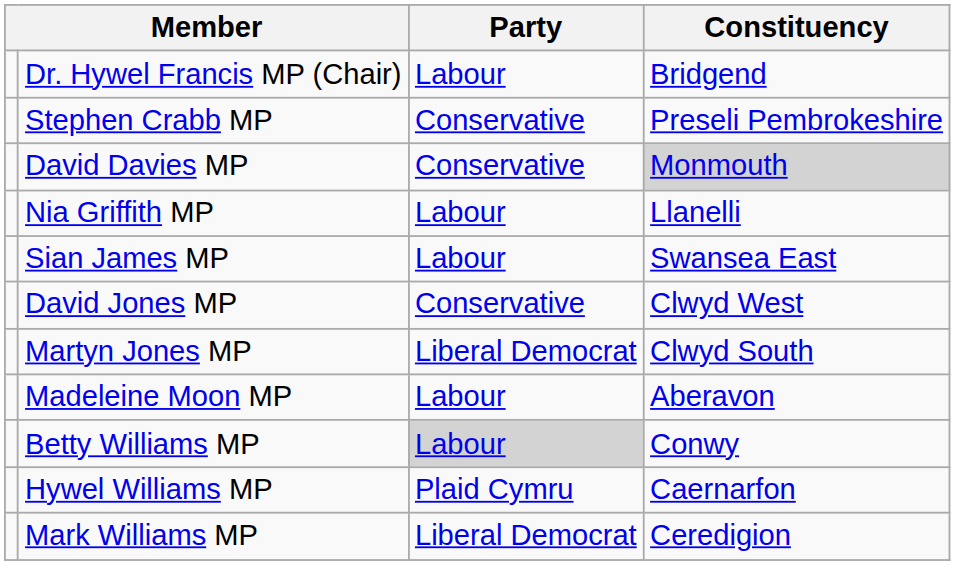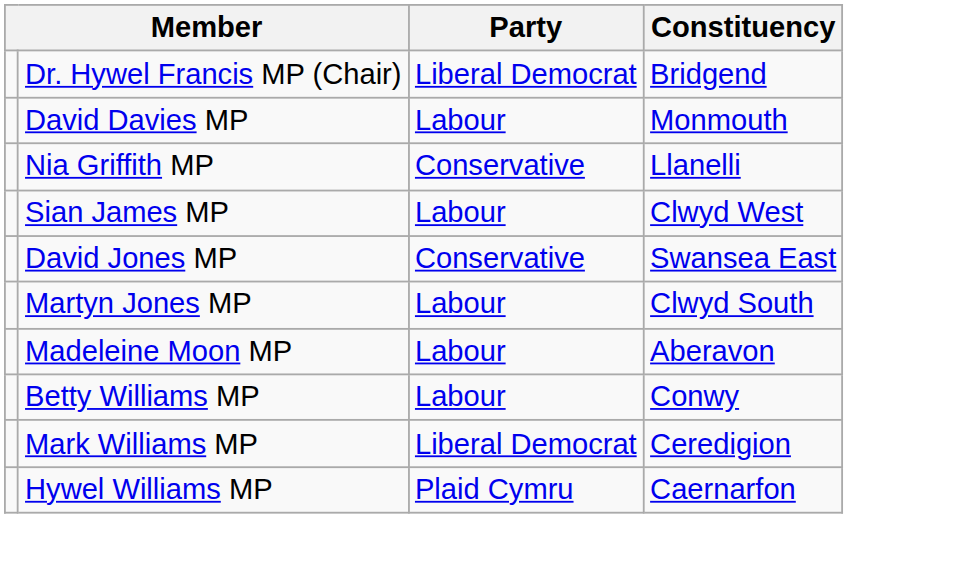 <table class="wikitable">
 <tr>
 <th colspan="2" valign="top">Member</th>
 <th valign="top">Party</th>
 <th valign="top">Constituency</th>
 </tr>
 <tr>
 <td style="color:inherit;background:"></td>
 <td><a href='#'>Dr. Hywel Francis</a> MP (Chair)</td>
-<td><a href='#'>Labour</a></td>
+<td><a href='#'>Liberal Democrat</a></td>
 <td><a href='#'>Bridgend</a></td>
 </tr>
 <tr>
 <td style="color:inherit;background:"></td>
-<td><a href='#'>Stephen Crabb</a> MP</td>
-<td><a href='#'>Conservative</a></td>
-<td><a href='#'>Preseli Pembrokeshire</a></td>
-</tr>
-<tr>
-<td style="color:inherit;background:"></td>
 <td><a href='#'>David Davies</a> MP</td>
-<td><a href='#'>Conservative</a></td>
-<td style="background: lightgrey;"><a href='#'>Monmouth</a></td>
+<td><a href='#'>Labour</a></td>
+<td><a href='#'>Monmouth</a></td>
 </tr>
 <tr>
 <td style="color:inherit;background:"></td>
 <td><a href='#'>Nia Griffith</a> MP</td>
-<td><a href='#'>Labour</a></td>
+<td><a href='#'>Conservative</a></td>
 <td><a href='#'>Llanelli</a></td>
 </tr>
 <tr>
 <td style="color:inherit;background:"></td>
 <td><a href='#'>Sian James</a> MP</td>
 <td><a href='#'>Labour</a></td>
-<td><a href='#'>Swansea East</a></td>
+<td><a href='#'>Clwyd West</a></td>
 </tr>
 <tr>
 <td style="color:inherit;background:"></td>
 <td><a href='#'>David Jones</a> MP</td>
 <td><a href='#'>Conservative</a></td>
-<td><a href='#'>Clwyd West</a></td>
+<td><a href='#'>Swansea East</a></td>
 </tr>
 <tr>
 <td style="color:inherit;background:"></td>
 <td><a href='#'>Martyn Jones</a> MP</td>
-<td><a href='#'>Liberal Democrat</a></td>
+<td><a href='#'>Labour</a></td>
 <td><a href='#'>Clwyd South</a></td>
 </tr>
 <tr>
 <td style="color:inherit;background:"></td>
 <td><a href='#'>Madeleine Moon</a> MP</td>
 <td><a href='#'>Labour</a></td>
 <td><a href='#'>Aberavon</a></td>
 </tr>
 <tr>
 <td style="color:inherit;background:"></td>
 <td><a href='#'>Betty Williams</a> MP</td>
-<td style="background: lightgrey;"><a href='#'>Labour</a></td>
+<td><a href='#'>Labour</a></td>
 <td><a href='#'>Conwy</a></td>
+</tr>
+<tr>
+<td style="color:inherit;background:"></td>
+<td><a href='#'>Mark Williams</a> MP</td>
+<td><a href='#'>Liberal Democrat</a></td>
+<td><a href='#'>Ceredigion</a></td>
 </tr>
 <tr>
 <td style="color:inherit;background:"></td>
 <td><a href='#'>Hywel Williams</a> MP</td>
 <td><a href='#'>Plaid Cymru</a></td>
 <td><a href='#'>Caernarfon</a></td>
 </tr>
-<tr>
-<td style="color:inherit;background:"></td>
-<td><a href='#'>Mark Williams</a> MP</td>
-<td><a href='#'>Liberal Democrat</a></td>
-<td><a href='#'>Ceredigion</a></td>
-</tr>
 </table>
